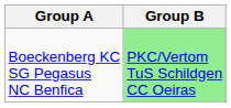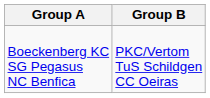 <table class="wikitable collapsible collapsed">
 <tr>
 <th>Group A</th>
 <th>Group B</th>
 </tr>
 <tr>
 <td><br> <a href='#'>Boeckenberg KC</a><br>  <a href='#'>SG Pegasus</a><br>  <a href='#'>NC Benfica</a></td>
-<td style="background: lightgreen;"><br> <a href='#'>PKC/Vertom</a><br>  <a href='#'>TuS Schildgen</a><br>  <a href='#'>CC Oeiras</a></td>
+<td><br> <a href='#'>PKC/Vertom</a><br>  <a href='#'>TuS Schildgen</a><br>  <a href='#'>CC Oeiras</a></td>
 </tr>
 </table>
